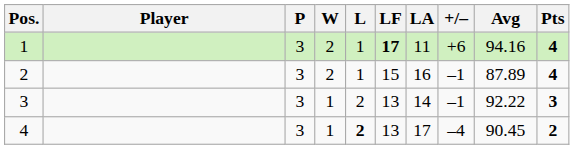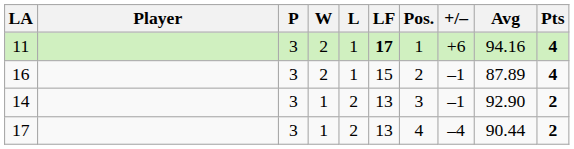 <table class="wikitable" style="text-align:center; margin: 1em auto 1em auto, align:left">
 <tr>
-<th width=20>Pos.</th>
+<th width=20>LA</th>
 <th width=212>Player</th>
 <th width=20>P</th>
 <th width=20>W</th>
 <th width=20>L</th>
 <th width=20>LF</th>
-<th width=20>LA</th>
+<th width=20>Pos.</th>
 <th width=25>+/–</th>
 <th width=50>Avg</th>
 <th width=20>Pts</th>
 </tr>
 <tr style="background:#D0F0C0;">
-<td>1</td>
+<td>11</td>
 <td align=left></td>
 <td>3</td>
 <td>2</td>
 <td>1</td>
 <td><strong>17</strong></td>
-<td>11</td>
+<td>1</td>
 <td>+6</td>
 <td>94.16</td>
 <td><strong>4</strong></td>
 </tr>
 <tr style=>
-<td>2</td>
+<td>16</td>
 <td align=left></td>
 <td>3</td>
 <td>2</td>
 <td>1</td>
 <td>15</td>
-<td>16</td>
+<td>2</td>
 <td>–1</td>
 <td>87.89</td>
 <td><strong>4</strong></td>
 </tr>
 <tr style=>
-<td>3</td>
+<td>14</td>
 <td align=left></td>
 <td>3</td>
 <td>1</td>
 <td>2</td>
 <td>13</td>
-<td>14</td>
+<td>3</td>
 <td>–1</td>
-<td>92.22</td>
-<td><strong>3</strong></td>
+<td>92.90</td>
+<td><strong>2</strong></td>
 </tr>
 <tr style=>
-<td>4</td>
+<td>17</td>
 <td align=left></td>
 <td>3</td>
 <td>1</td>
-<td><strong>2</strong></td>
+<td>2</td>
 <td>13</td>
-<td>17</td>
+<td>4</td>
 <td>–4</td>
-<td>90.45</td>
+<td>90.44</td>
 <td><strong>2</strong></td>
 </tr>
 </table>
